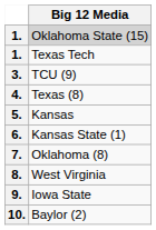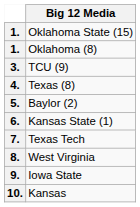 <table class="wikitable" style="white-space:nowrap; font-size:90%;">
 <tr>
 <td ! colspan=1 style="background:white; border-top-style:hidden; border-left-style:hidden;"></td>
 <th>Big 12 Media</th>
 </tr>
 <tr>
 <th>1.</th>
-<td style="background: lightgrey;">Oklahoma State (15)</td>
+<td>Oklahoma State (15)</td>
 </tr>
 <tr>
 <th>1.</th>
-<td>Texas Tech</td>
+<td>Oklahoma (8)</td>
 </tr>
 <tr>
 <th>3.</th>
 <td>TCU (9)</td>
 </tr>
 <tr>
 <th>4.</th>
 <td>Texas (8)</td>
 </tr>
 <tr>
 <th>5.</th>
-<td>Kansas</td>
+<td>Baylor (2)</td>
 </tr>
 <tr>
 <th>6.</th>
 <td>Kansas State (1)</td>
 </tr>
 <tr>
 <th>7.</th>
-<td>Oklahoma (8)</td>
+<td>Texas Tech</td>
 </tr>
 <tr>
 <th>8.</th>
 <td>West Virginia</td>
 </tr>
 <tr>
 <th>9.</th>
 <td>Iowa State</td>
 </tr>
 <tr>
 <th>10.</th>
-<td>Baylor (2)</td>
+<td>Kansas</td>
 </tr>
 </table>
